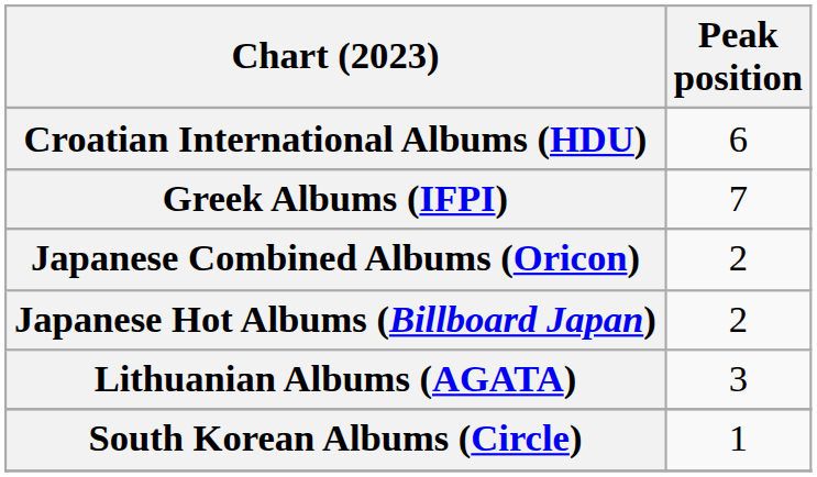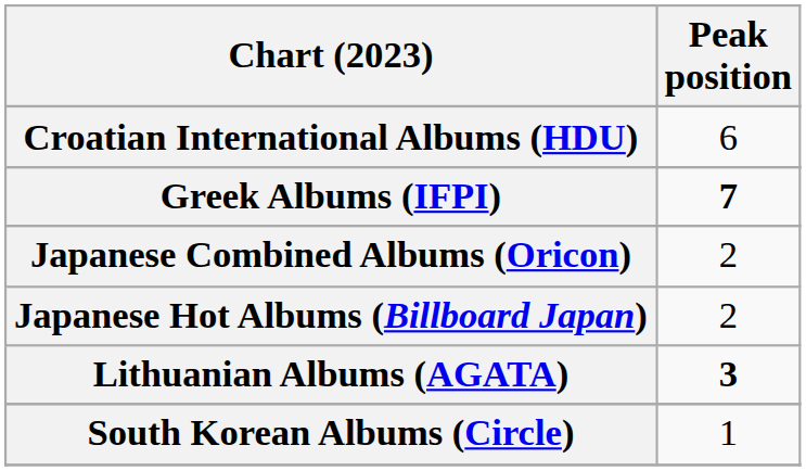 <table class="wikitable sortable plainrowheaders" style="text-align:center;">
 <tr>
 <th scope="col">Chart (2023)</th>
 <th scope="col">Peak<br>position</th>
 </tr>
 <tr>
 </tr>
 <tr>
 </tr>
 <tr>
 </tr>
 <tr>
 </tr>
 <tr>
 </tr>
 <tr>
 <th scope="row">Croatian International Albums (<a href='#'>HDU</a>)</th>
 <td>6</td>
 </tr>
 <tr>
 </tr>
 <tr>
 </tr>
 <tr>
 </tr>
 <tr>
 </tr>
 <tr>
 </tr>
 <tr>
 <th scope="row">Greek Albums (<a href='#'>IFPI</a>)</th>
-<td>7</td>
+<td><strong>7</strong></td>
 </tr>
 <tr>
 </tr>
 <tr>
 </tr>
 <tr>
 </tr>
 <tr>
 </tr>
 <tr>
 <th scope="row">Japanese Combined Albums (<a href='#'>Oricon</a>)</th>
 <td>2</td>
 </tr>
 <tr>
 <th scope="row">Japanese Hot Albums (<em><a href='#'>Billboard Japan</a></em>)</th>
 <td>2</td>
 </tr>
 <tr>
 <th scope="row">Lithuanian Albums (<a href='#'>AGATA</a>)</th>
-<td>3</td>
+<td><strong>3</strong></td>
 </tr>
 <tr>
 </tr>
 <tr>
 </tr>
 <tr>
 </tr>
 <tr>
 <th scope="row">South Korean Albums (<a href='#'>Circle</a>)</th>
 <td>1</td>
 </tr>
 <tr>
 </tr>
 <tr>
 </tr>
 <tr>
 </tr>
 <tr>
 </tr>
 <tr>
 </tr>
 <tr>
 </tr>
 <tr>
 </tr>
 <tr>
 </tr>
 </table>
